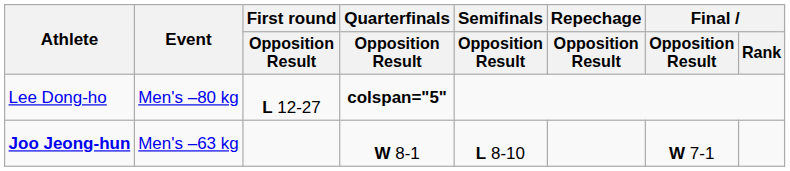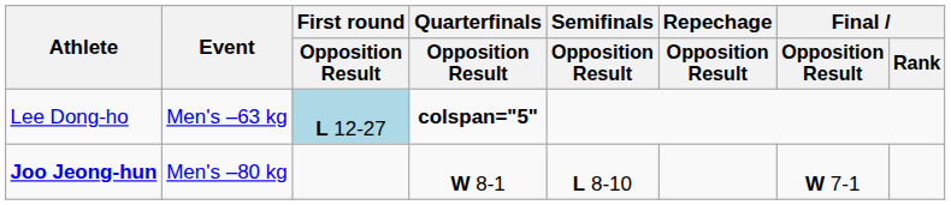 <table class="wikitable" style="font-size:90%;">
 <tr>
 <th rowspan=2>Athlete</th>
 <th rowspan=2>Event</th>
 <th>First round</th>
 <th>Quarterfinals</th>
 <th>Semifinals</th>
 <th>Repechage</th>
 <th colspan=2>Final / </th>
 </tr>
 <tr style="font-size:95%">
 <th>Opposition<br>Result</th>
 <th>Opposition<br>Result</th>
 <th>Opposition<br>Result</th>
 <th>Opposition<br>Result</th>
 <th>Opposition<br>Result</th>
 <th>Rank</th>
 </tr>
 <tr align=center>
 <td align=left><a href='#'>Lee Dong-ho</a></td>
-<td align=left><a href='#'>Men's –80 kg</a></td>
-<td><br><strong>L</strong> 12-27</td>
+<td align=left><a href='#'>Men's –63 kg</a></td>
+<td style="background: lightblue;"><br><strong>L</strong> 12-27</td>
 <td><strong>colspan="5" </strong></td>
 </tr>
 <tr align=center>
 <td align=left><strong><a href='#'>Joo Jeong-hun</a></strong></td>
-<td align=left><a href='#'>Men's –63 kg</a></td>
+<td align=left><a href='#'>Men's –80 kg</a></td>
 <td></td>
 <td><br><strong>W</strong> 8-1</td>
 <td><br><strong>L</strong> 8-10</td>
 <td></td>
 <td><br><strong>W</strong> 7-1</td>
 <td></td>
 </tr>
 </table>
